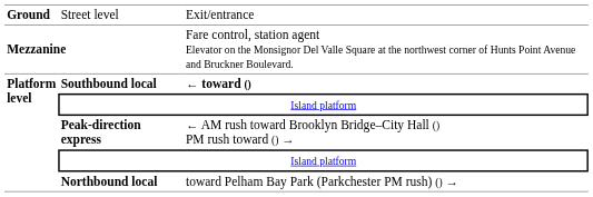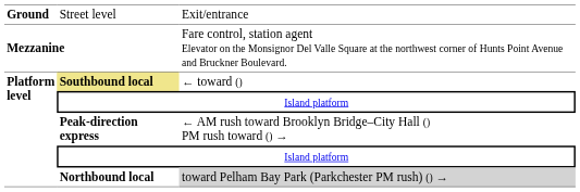 <table border=0 cellspacing=0 cellpadding=3>
 <tr>
 <td style="border-top:solid 1px gray;" width=50><strong>Ground</strong></td>
 <td style="border-top:solid 1px gray;" width=150>Street level</td>
 <td style="border-top:solid 1px gray;" width=500>Exit/entrance</td>
 </tr>
 <tr>
 <td style="border-top:solid 1px gray;" colspan=2><strong>Mezzanine</strong></td>
 <td style="border-top:solid 1px gray;">Fare control, station agent<br> <small>Elevator on the Monsignor Del Valle Square at the northwest corner of Hunts Point Avenue and Bruckner Boulevard.</small></td>
 </tr>
 <tr>
 <td style="border-top:solid 1px gray;border-bottom:solid 1px gray;" rowspan=6 valign=top><strong>Platform level</strong></td>
-<td style="border-top:solid 1px gray;"><span><strong>Southbound local</strong></span></td>
-<td style="border-top:solid 1px gray;"><strong>←  toward  <small>()</small></strong></td>
+<td style="background: khaki; border-top:solid 1px gray;"><span><strong>Southbound local</strong></span></td>
+<td style="border-top:solid 1px gray;">←  toward  <small>()</small></td>
 </tr>
 <tr>
 <td style="border-top:solid 2px black;border-right:solid 2px black;border-left:solid 2px black;border-bottom:solid 2px black;text-align:center;" colspan=2><small><a href='#'>Island platform</a> </small></td>
 </tr>
 <tr>
 <td><span><strong>Peak-direction express</strong></span></td>
 <td>←  AM rush toward Brooklyn Bridge–City Hall <small>()</small><br>  PM rush toward  <small>()</small> →</td>
 </tr>
 <tr>
 <td style="border-top:solid 2px black;border-right:solid 2px black;border-left:solid 2px black;border-bottom:solid 2px black;text-align:center;" colspan=2><small><a href='#'>Island platform</a> </small></td>
 </tr>
 <tr>
 <td style="border-bottom:solid 1px gray;"><span><strong>Northbound local</strong></span></td>
-<td style="border-bottom:solid 1px gray;">  toward Pelham Bay Park (Parkchester PM rush) <small>()</small> →</td>
+<td style="background: lightgrey; border-bottom:solid 1px gray;">  toward Pelham Bay Park (Parkchester PM rush) <small>()</small> →</td>
 </tr>
 </table>
